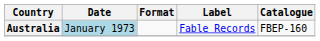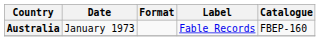 <table class="wikitable plainrowheaders">
 <tr>
 <th scope="col">Country</th>
 <th scope="col">Date</th>
 <th scope="col">Format</th>
 <th scope="col">Label</th>
 <th scope="col">Catalogue</th>
 </tr>
 <tr>
 <th scope="row">Australia</th>
-<td style="background: lightblue;">January 1973</td>
+<td>January 1973</td>
 <td></td>
 <td><a href='#'>Fable Records</a></td>
 <td>FBEP-160</td>
 </tr>
 <tr>
 </tr>
 </table>
